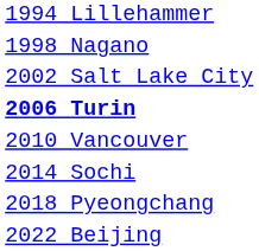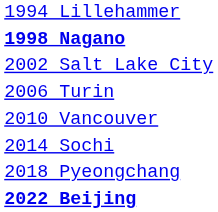 <table>
 <tr>
 <td><a href='#'>1994 Lillehammer</a></td>
 <td></td>
 <td></td>
 <td></td>
 </tr>
 <tr>
-<td><a href='#'>1998 Nagano</a></td>
+<td><strong><a href='#'>1998 Nagano</a></strong></td>
 <td></td>
 <td></td>
 <td></td>
 </tr>
 <tr>
 <td><a href='#'>2002 Salt Lake City</a></td>
 <td></td>
 <td></td>
 <td></td>
 </tr>
 <tr>
-<td><strong><a href='#'>2006 Turin</a></strong></td>
+<td><a href='#'>2006 Turin</a></td>
 <td></td>
 <td></td>
 <td></td>
 </tr>
 <tr>
 <td><a href='#'>2010 Vancouver</a></td>
 <td></td>
 <td></td>
 <td></td>
 </tr>
 <tr>
 <td><a href='#'>2014 Sochi</a></td>
 <td></td>
 <td></td>
 <td></td>
 </tr>
 <tr>
 <td><a href='#'>2018 Pyeongchang</a></td>
 <td></td>
 <td></td>
 <td></td>
 </tr>
 <tr>
-<td><a href='#'>2022 Beijing</a></td>
+<td><strong><a href='#'>2022 Beijing</a></strong></td>
 <td></td>
 <td></td>
 <td></td>
 </tr>
 </table>
